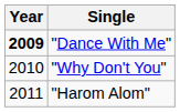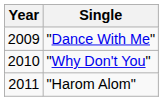 <table class="wikitable" style=text-align:center;>
 <tr>
 <th>Year</th>
 <th>Single</th>
 </tr>
 <tr>
-<td rowspan=1><strong>2009</strong></td>
+<td rowspan=1>2009</td>
 <td align="left">"<a href='#'>Dance With Me</a>"</td>
 </tr>
 <tr>
 <td rowspan=1>2010</td>
 <td align="left">"<a href='#'>Why Don't You</a>"</td>
 </tr>
 <tr>
 <td rowspan=1>2011</td>
 <td align="left">"Harom Alom"</td>
 </tr>
 </table>
